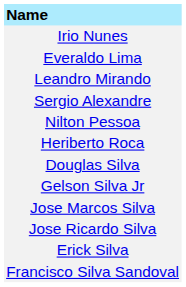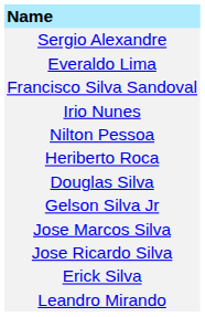 <table border=0 cellpadding=2 cellspacing=0  |- bgcolor=#F2F2F2 style="text-align:center; font-size:90%">
 <tr bgcolor=#ADEBFD>
 <th align=left>Name</th>
 </tr>
 <tr>
-<td><a href='#'>Irio Nunes</a></td>
+<td><a href='#'>Sergio Alexandre</a></td>
 </tr>
 <tr>
 <td><a href='#'>Everaldo Lima</a></td>
 </tr>
 <tr>
-<td><a href='#'>Leandro Mirando</a></td>
+<td><a href='#'>Francisco Silva Sandoval</a></td>
 </tr>
 <tr>
-<td><a href='#'>Sergio Alexandre</a></td>
+<td><a href='#'>Irio Nunes</a></td>
 </tr>
 <tr>
 <td><a href='#'>Nilton Pessoa</a></td>
 </tr>
 <tr>
 <td><a href='#'>Heriberto Roca</a></td>
 </tr>
 <tr>
 <td><a href='#'>Douglas Silva</a></td>
 </tr>
 <tr>
 <td><a href='#'>Gelson Silva Jr</a></td>
 </tr>
 <tr>
 <td><a href='#'>Jose Marcos Silva</a></td>
 </tr>
 <tr>
 <td><a href='#'>Jose Ricardo Silva</a></td>
 </tr>
 <tr>
 <td><a href='#'>Erick Silva</a></td>
 </tr>
 <tr>
-<td><a href='#'>Francisco Silva Sandoval</a></td>
+<td><a href='#'>Leandro Mirando</a></td>
 </tr>
 </table>
